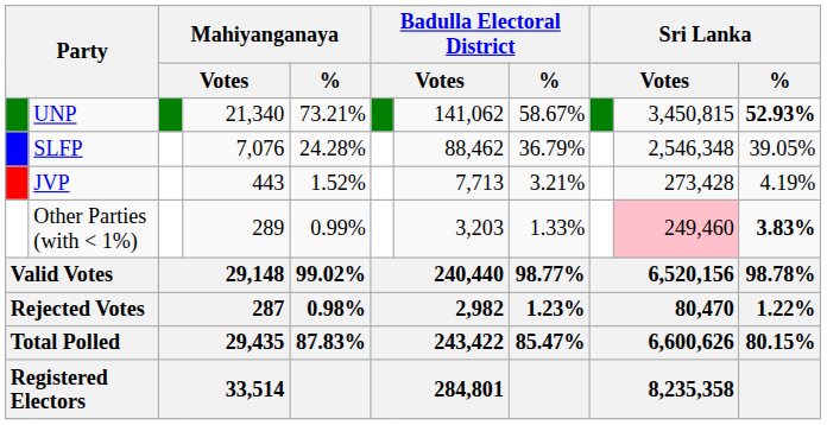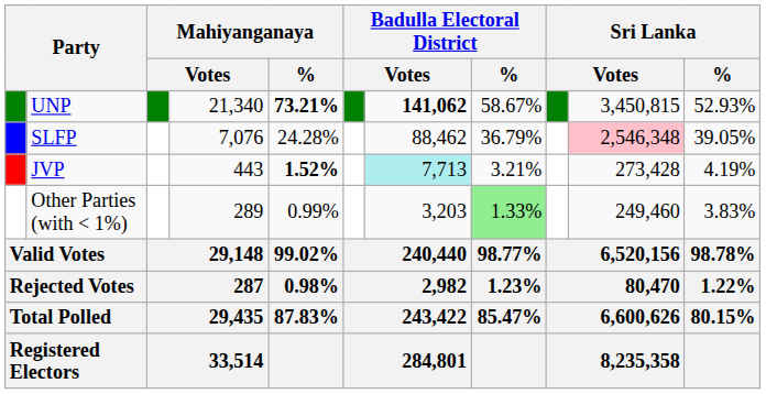 <table class="wikitable">
 <tr>
 <th colspan="2" width="144px"rowspan="2">Party</th>
 <th colspan="3" width="216px">Mahiyanganaya</th>
 <th colspan="3" width="216px"><a href='#'>Badulla Electoral District</a></th>
 <th colspan="3" width="216px">Sri Lanka</th>
 </tr>
 <tr>
 <th colspan="2" width="144px">Votes</th>
 <th>%</th>
 <th colspan="2" width="144px">Votes</th>
 <th>%</th>
 <th colspan="2" width="144px">Votes</th>
 <th>%</th>
 </tr>
 <tr>
 <td style="background-color:green;" width="10px"></td>
 <td style="text-align:left;"><a href='#'>UNP</a></td>
 <td style="background-color:green;" width="10px"></td>
 <td style="text-align:right;">21,340</td>
-<td style="text-align:right;">73.21%</td>
+<td style="text-align:right;"><strong>73.21%</strong></td>
 <td style="background-color:green;" width="10px"></td>
-<td style="text-align:right;">141,062</td>
+<td style="text-align:right;"><strong>141,062</strong></td>
 <td style="text-align:right;">58.67%</td>
 <td style="background-color:green;" width="10px"></td>
 <td style="text-align:right;">3,450,815</td>
-<td style="text-align:right;"><strong>52.93%</strong></td>
+<td style="text-align:right;">52.93%</td>
 </tr>
 <tr>
 <td style="background-color:blue;" width="10px"></td>
 <td style="text-align:left;"><a href='#'>SLFP</a></td>
 <td style="background-color:white;" width="10px"></td>
 <td style="text-align:right;">7,076</td>
 <td style="text-align:right;">24.28%</td>
 <td style="background-color:white;" width="10px"></td>
 <td style="text-align:right;">88,462</td>
 <td style="text-align:right;">36.79%</td>
 <td style="background-color:white;" width="10px"></td>
-<td style="text-align:right;">2,546,348</td>
+<td style="background: pink; text-align:right;">2,546,348</td>
 <td style="text-align:right;">39.05%</td>
 </tr>
 <tr>
 <td style="background-color:red;" width="10px"></td>
 <td style="text-align:left;"><a href='#'>JVP</a></td>
 <td style="background-color:white;" width="10px"></td>
 <td style="text-align:right;">443</td>
-<td style="text-align:right;">1.52%</td>
+<td style="text-align:right;"><strong>1.52%</strong></td>
 <td style="background-color:white;" width="10px"></td>
-<td style="text-align:right;">7,713</td>
+<td style="background: paleturquoise; text-align:right;">7,713</td>
 <td style="text-align:right;">3.21%</td>
 <td style="background-color:white;" width="10px"></td>
 <td style="text-align:right;">273,428</td>
 <td style="text-align:right;">4.19%</td>
 </tr>
 <tr>
 <td style="background-color:white;" width="10px"></td>
 <td style="text-align:left;">Other Parties (with < 1%)</td>
 <td style="background-color:white;" width="10px"></td>
 <td style="text-align:right;">289</td>
 <td style="text-align:right;">0.99%</td>
 <td style="background-color:white;" width="10px"></td>
 <td style="text-align:right;">3,203</td>
-<td style="text-align:right;">1.33%</td>
+<td style="background: lightgreen; text-align:right;">1.33%</td>
 <td style="background-color:white;" width="10px"></td>
-<td style="background: pink; text-align:right;">249,460</td>
-<td style="text-align:right;"><strong>3.83%</strong></td>
+<td style="text-align:right;">249,460</td>
+<td style="text-align:right;">3.83%</td>
 </tr>
 <tr>
 <th colspan="2" width="144px"style="text-align:left;">Valid Votes</th>
 <th style="text-align:right;"colspan="2" width="144px">29,148</th>
 <th style="text-align:right;">99.02%</th>
 <th style="text-align:right;"colspan="2" width="144px">240,440</th>
 <th style="text-align:right;">98.77%</th>
 <th style="text-align:right;"colspan="2" width="144px">6,520,156</th>
 <th style="text-align:right;">98.78%</th>
 </tr>
 <tr>
 <th colspan="2" width="144px"style="text-align:left;">Rejected Votes</th>
 <th style="text-align:right;"colspan="2" width="144px">287</th>
 <th style="text-align:right;">0.98%</th>
 <th style="text-align:right;"colspan="2" width="144px">2,982</th>
 <th style="text-align:right;">1.23%</th>
 <th style="text-align:right;"colspan="2" width="144px">80,470</th>
 <th style="text-align:right;">1.22%</th>
 </tr>
 <tr>
 <th colspan="2" width="144px"style="text-align:left;">Total Polled</th>
 <th style="text-align:right;"colspan="2" width="144px">29,435</th>
 <th style="text-align:right;">87.83%</th>
 <th style="text-align:right;"colspan="2" width="144px">243,422</th>
 <th style="text-align:right;">85.47%</th>
 <th style="text-align:right;"colspan="2" width="144px">6,600,626</th>
 <th style="text-align:right;">80.15%</th>
 </tr>
 <tr>
 <th colspan="2" width="144px"style="text-align:left;">Registered Electors</th>
 <th style="text-align:right;"colspan="2" width="144px">33,514</th>
 <th></th>
 <th style="text-align:right;"colspan="2" width="144px">284,801</th>
 <th></th>
 <th style="text-align:right;"colspan="2" width="144px">8,235,358</th>
 <th></th>
 </tr>
 </table>
